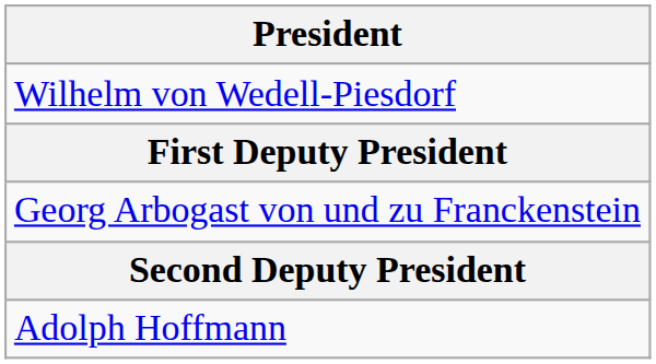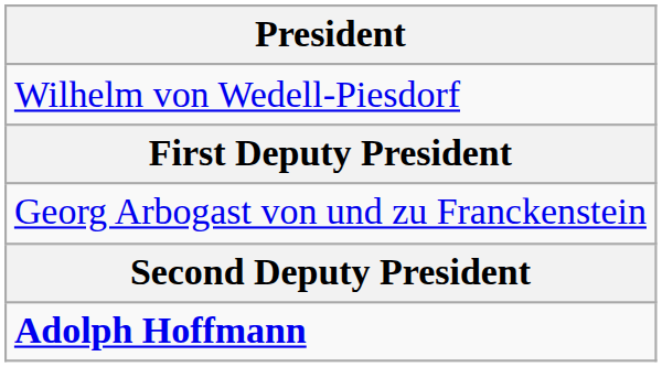 <table class="wikitable">
 <tr>
 <th>President</th>
 </tr>
 <tr>
 <td><a href='#'>Wilhelm von Wedell-Piesdorf</a></td>
 </tr>
 <tr>
 <th>First Deputy President</th>
 </tr>
 <tr>
 <td><a href='#'>Georg Arbogast von und zu Franckenstein</a></td>
 </tr>
 <tr>
 <th>Second Deputy President</th>
 </tr>
 <tr>
-<td><a href='#'>Adolph Hoffmann</a></td>
+<td><strong><a href='#'>Adolph Hoffmann</a></strong></td>
 </tr>
 </table>
